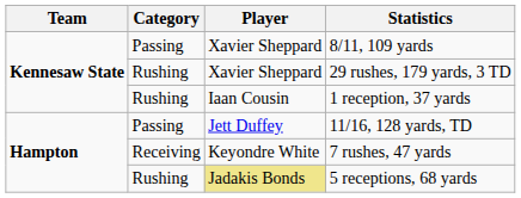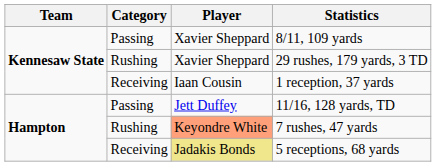 <table class="wikitable" style="float: right;">
 <tr>
 <th>Team</th>
 <th>Category</th>
 <th>Player</th>
 <th>Statistics</th>
 </tr>
 <tr>
 <td rowspan=3><strong>Kennesaw State</strong></td>
 <td>Passing</td>
 <td>Xavier Sheppard</td>
 <td>8/11, 109 yards</td>
 </tr>
 <tr>
 <td>Rushing</td>
 <td>Xavier Sheppard</td>
 <td>29 rushes, 179 yards, 3 TD</td>
 </tr>
 <tr>
-<td>Rushing</td>
+<td>Receiving</td>
 <td>Iaan Cousin</td>
 <td>1 reception, 37 yards</td>
 </tr>
 <tr>
 <td rowspan=3><strong>Hampton</strong></td>
 <td>Passing</td>
 <td><a href='#'>Jett Duffey</a></td>
 <td>11/16, 128 yards, TD</td>
 </tr>
 <tr>
-<td>Receiving</td>
-<td>Keyondre White</td>
+<td>Rushing</td>
+<td style="background: lightsalmon;">Keyondre White</td>
 <td>7 rushes, 47 yards</td>
 </tr>
 <tr>
-<td>Rushing</td>
+<td>Receiving</td>
 <td style="background: khaki;">Jadakis Bonds</td>
 <td>5 receptions, 68 yards</td>
 </tr>
 </table>
